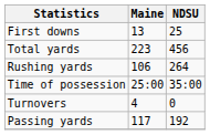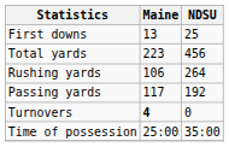 <table class="wikitable">
 <tr>
 <th>Statistics</th>
 <th>Maine</th>
 <th>NDSU</th>
 </tr>
 <tr>
 <td>First downs</td>
 <td>13</td>
 <td>25</td>
 </tr>
 <tr>
 <td>Total yards</td>
 <td>223</td>
 <td>456</td>
 </tr>
 <tr>
 <td>Rushing yards</td>
 <td>106</td>
 <td>264</td>
 </tr>
 <tr>
+<td>Passing yards</td>
+<td>117</td>
+<td>192</td>
+</tr>
+<tr>
+<td>Turnovers</td>
+<td><strong>4</strong></td>
+<td>0</td>
+</tr>
+<tr>
 <td>Time of possession</td>
 <td>25:00</td>
 <td>35:00</td>
 </tr>
 <tr>
-<td>Turnovers</td>
-<td>4</td>
-<td>0</td>
-</tr>
-<tr>
-<td>Passing yards</td>
-<td>117</td>
-<td>192</td>
-</tr>
-<tr>
 </tr>
 </table>
